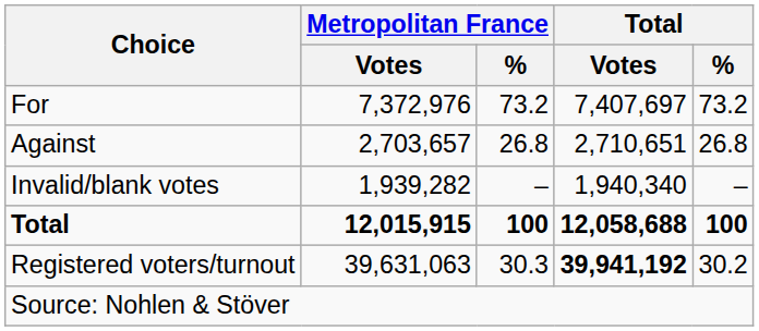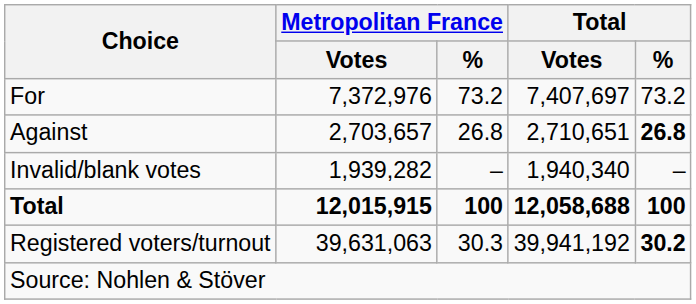 <table class=wikitable style=text-align:right>
 <tr>
 <th rowspan=2>Choice</th>
 <th colspan=2><a href='#'>Metropolitan France</a></th>
 <th colspan=2>Total</th>
 </tr>
 <tr>
 <th>Votes</th>
 <th>%</th>
 <th>Votes</th>
 <th>%</th>
 </tr>
 <tr>
 <td align=left>For</td>
 <td>7,372,976</td>
 <td>73.2</td>
 <td>7,407,697</td>
 <td>73.2</td>
 </tr>
 <tr>
 <td align=left>Against</td>
 <td>2,703,657</td>
 <td>26.8</td>
 <td>2,710,651</td>
-<td>26.8</td>
+<td><strong>26.8</strong></td>
 </tr>
 <tr>
 <td align=left>Invalid/blank votes</td>
 <td>1,939,282</td>
 <td>–</td>
 <td>1,940,340</td>
 <td>–</td>
 </tr>
 <tr>
 <td align=left><strong>Total</strong></td>
 <td><strong>12,015,915</strong></td>
 <td><strong>100</strong></td>
 <td><strong>12,058,688</strong></td>
 <td><strong>100</strong></td>
 </tr>
 <tr>
 <td align=left>Registered voters/turnout</td>
 <td>39,631,063</td>
 <td>30.3</td>
-<td><strong>39,941,192</strong></td>
-<td>30.2</td>
+<td>39,941,192</td>
+<td><strong>30.2</strong></td>
 </tr>
 <tr>
 <td align=left colspan=6>Source: Nohlen & Stöver</td>
 </tr>
 </table>
